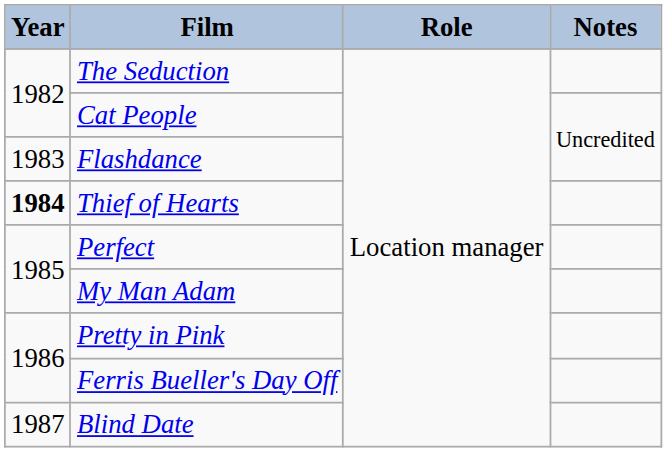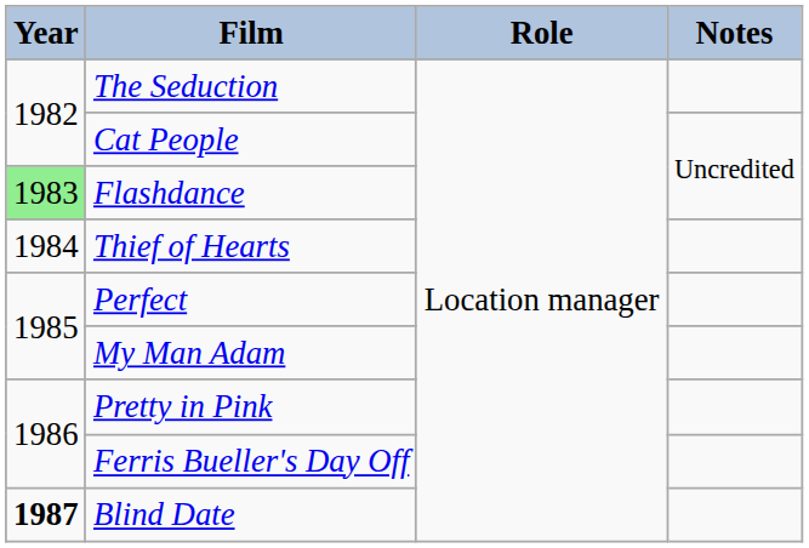 <table class="wikitable" style="font-size:95%;">
 <tr>
 <th style="background:#B0C4DE;">Year</th>
 <th style="background:#B0C4DE;">Film</th>
 <th style="background:#B0C4DE;">Role</th>
 <th style="background:#B0C4DE;">Notes</th>
 </tr>
 <tr>
 <td rowspan=2>1982</td>
 <td><em><a href='#'>The Seduction</a></em></td>
 <td rowspan=9>Location manager</td>
 <td></td>
 </tr>
 <tr>
 <td><em><a href='#'>Cat People</a></em></td>
 <td rowspan=2 style="text-align:center;"><small>Uncredited</small></td>
 </tr>
 <tr>
-<td>1983</td>
+<td style="background: lightgreen;">1983</td>
 <td><em><a href='#'>Flashdance</a></em></td>
 </tr>
 <tr>
-<td><strong>1984</strong></td>
+<td>1984</td>
 <td><em><a href='#'>Thief of Hearts</a></em></td>
 <td></td>
 </tr>
 <tr>
 <td rowspan=2>1985</td>
 <td><em><a href='#'>Perfect</a></em></td>
 <td></td>
 </tr>
 <tr>
 <td><em><a href='#'>My Man Adam</a></em></td>
 <td></td>
 </tr>
 <tr>
 <td rowspan=2>1986</td>
 <td><em><a href='#'>Pretty in Pink</a></em></td>
 <td></td>
 </tr>
 <tr>
 <td><em><a href='#'>Ferris Bueller's Day Off</a></em></td>
 <td></td>
 </tr>
 <tr>
-<td>1987</td>
+<td><strong>1987</strong></td>
 <td><em><a href='#'>Blind Date</a></em></td>
 <td></td>
 </tr>
 </table>
